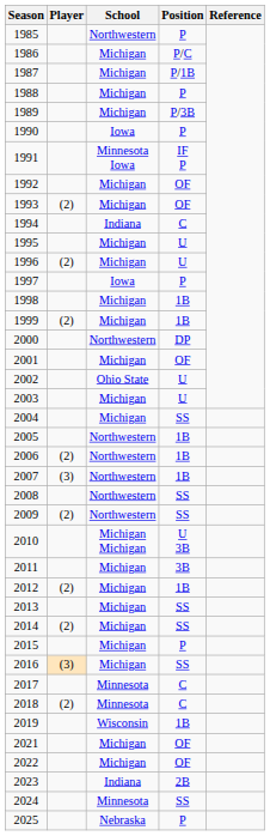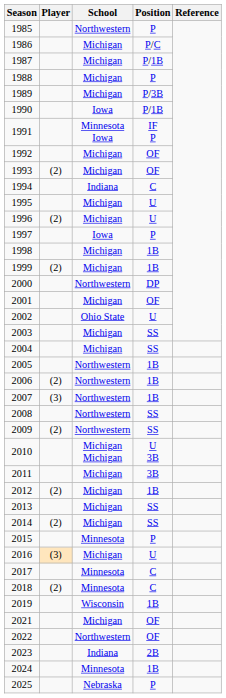 <table class="wikitable sortable">
 <tr>
 <th>Season</th>
 <th>Player</th>
 <th>School</th>
 <th>Position</th>
 <th class="unsortable">Reference</th>
 </tr>
 <tr align=center>
 <td>1985</td>
 <td></td>
 <td><a href='#'>Northwestern</a></td>
 <td><a href='#'>P</a></td>
 <td rowspan="19"></td>
 </tr>
 <tr align=center>
 <td>1986</td>
 <td></td>
 <td><a href='#'>Michigan</a></td>
 <td><a href='#'>P</a>/<a href='#'>C</a></td>
 </tr>
 <tr align=center>
 <td>1987</td>
 <td></td>
 <td><a href='#'>Michigan</a></td>
 <td><a href='#'>P</a>/<a href='#'>1B</a></td>
 </tr>
 <tr align=center>
 <td>1988</td>
 <td></td>
 <td><a href='#'>Michigan</a></td>
 <td><a href='#'>P</a></td>
 </tr>
 <tr align=center>
 <td>1989</td>
 <td></td>
 <td><a href='#'>Michigan</a></td>
 <td><a href='#'>P</a>/<a href='#'>3B</a></td>
 </tr>
 <tr align=center>
 <td>1990</td>
 <td></td>
 <td><a href='#'>Iowa</a></td>
-<td><a href='#'>P</a></td>
+<td><a href='#'>P</a>/<a href='#'>1B</a></td>
 </tr>
 <tr align=center>
 <td>1991</td>
 <td><br></td>
 <td><a href='#'>Minnesota</a><br><a href='#'>Iowa</a></td>
 <td><a href='#'>IF</a> <br><a href='#'>P</a></td>
 </tr>
 <tr align=center>
 <td>1992</td>
 <td></td>
 <td><a href='#'>Michigan</a></td>
 <td><a href='#'>OF</a></td>
 </tr>
 <tr align=center>
 <td>1993</td>
 <td> (2)</td>
 <td><a href='#'>Michigan</a></td>
 <td><a href='#'>OF</a></td>
 </tr>
 <tr align=center>
 <td>1994</td>
 <td></td>
 <td><a href='#'>Indiana</a></td>
 <td><a href='#'>C</a></td>
 </tr>
 <tr align=center>
 <td>1995</td>
 <td></td>
 <td><a href='#'>Michigan</a></td>
 <td><a href='#'>U</a></td>
 </tr>
 <tr align=center>
 <td>1996</td>
 <td> (2)</td>
 <td><a href='#'>Michigan</a></td>
 <td><a href='#'>U</a></td>
 </tr>
 <tr align=center>
 <td>1997</td>
 <td></td>
 <td><a href='#'>Iowa</a></td>
 <td><a href='#'>P</a></td>
 </tr>
 <tr align=center>
 <td>1998</td>
 <td></td>
 <td><a href='#'>Michigan</a></td>
 <td><a href='#'>1B</a></td>
 </tr>
 <tr align=center>
 <td>1999</td>
 <td> (2)</td>
 <td><a href='#'>Michigan</a></td>
 <td><a href='#'>1B</a></td>
 </tr>
 <tr align=center>
 <td>2000</td>
 <td></td>
 <td><a href='#'>Northwestern</a></td>
 <td><a href='#'>DP</a></td>
 </tr>
 <tr align=center>
 <td>2001</td>
 <td></td>
 <td><a href='#'>Michigan</a></td>
 <td><a href='#'>OF</a></td>
 </tr>
 <tr align=center>
 <td>2002</td>
 <td></td>
 <td><a href='#'>Ohio State</a></td>
 <td><a href='#'>U</a></td>
 </tr>
 <tr align=center>
 <td>2003</td>
 <td></td>
 <td><a href='#'>Michigan</a></td>
-<td><a href='#'>U</a></td>
+<td><a href='#'>SS</a></td>
 </tr>
 <tr align=center>
 <td>2004</td>
 <td></td>
 <td><a href='#'>Michigan</a></td>
 <td><a href='#'>SS</a></td>
 <td style="text-align:center;"></td>
 </tr>
 <tr align=center>
 <td>2005</td>
 <td></td>
 <td><a href='#'>Northwestern</a></td>
 <td><a href='#'>1B</a></td>
 <td style="text-align:center;"></td>
 </tr>
 <tr align=center>
 <td>2006</td>
 <td> (2)</td>
 <td><a href='#'>Northwestern</a></td>
 <td><a href='#'>1B</a></td>
 <td style="text-align:center;"></td>
 </tr>
 <tr align=center>
 <td>2007</td>
 <td> (3)</td>
 <td><a href='#'>Northwestern</a></td>
 <td><a href='#'>1B</a></td>
 <td style="text-align:center;"></td>
 </tr>
 <tr align=center>
 <td>2008</td>
 <td></td>
 <td><a href='#'>Northwestern</a></td>
 <td><a href='#'>SS</a></td>
 <td style="text-align:center;"></td>
 </tr>
 <tr align=center>
 <td>2009</td>
 <td> (2)</td>
 <td><a href='#'>Northwestern</a></td>
 <td><a href='#'>SS</a></td>
 <td style="text-align:center;"></td>
 </tr>
 <tr align=center>
 <td>2010</td>
 <td> <br> </td>
 <td><a href='#'>Michigan</a><br><a href='#'>Michigan</a></td>
 <td><a href='#'>U</a><br><a href='#'>3B</a></td>
 <td style="text-align:center;"></td>
 </tr>
 <tr align=center>
 <td>2011</td>
 <td></td>
 <td><a href='#'>Michigan</a></td>
 <td><a href='#'>3B</a></td>
 <td style="text-align:center;"></td>
 </tr>
 <tr align=center>
 <td>2012</td>
 <td> (2)</td>
 <td><a href='#'>Michigan</a></td>
 <td><a href='#'>1B</a></td>
 <td style="text-align:center;"></td>
 </tr>
 <tr align=center>
 <td>2013</td>
 <td></td>
 <td><a href='#'>Michigan</a></td>
 <td><a href='#'>SS</a></td>
 <td style="text-align:center;"></td>
 </tr>
 <tr align=center>
 <td>2014</td>
 <td> (2)</td>
 <td><a href='#'>Michigan</a></td>
 <td><a href='#'>SS</a></td>
 <td style="text-align:center;"></td>
 </tr>
 <tr align=center>
 <td>2015</td>
 <td></td>
-<td><a href='#'>Michigan</a></td>
+<td><a href='#'>Minnesota</a></td>
 <td><a href='#'>P</a></td>
 <td style="text-align:center;"></td>
 </tr>
 <tr align=center>
 <td>2016</td>
 <td style="background:#ffe6bd;"> (3)</td>
 <td><a href='#'>Michigan</a></td>
-<td><a href='#'>SS</a></td>
+<td><a href='#'>U</a></td>
 <td style="text-align:center;"></td>
 </tr>
 <tr align=center>
 <td>2017</td>
 <td></td>
 <td><a href='#'>Minnesota</a></td>
 <td><a href='#'>C</a></td>
 <td style="text-align:center;"></td>
 </tr>
 <tr align=center>
 <td>2018</td>
 <td> (2)</td>
 <td><a href='#'>Minnesota</a></td>
 <td><a href='#'>C</a></td>
 <td style="text-align:center;"></td>
 </tr>
 <tr align=center>
 <td>2019</td>
 <td></td>
 <td><a href='#'>Wisconsin</a></td>
 <td><a href='#'>1B</a></td>
 <td style="text-align:center;"></td>
 </tr>
 <tr align=center>
 <td>2021</td>
 <td></td>
 <td><a href='#'>Michigan</a></td>
 <td><a href='#'>OF</a></td>
 <td style="text-align:center;"></td>
 </tr>
 <tr align=center>
 <td>2022</td>
 <td></td>
-<td><a href='#'>Michigan</a></td>
+<td><a href='#'>Northwestern</a></td>
 <td><a href='#'>OF</a></td>
 <td style="text-align:center;"></td>
 </tr>
 <tr align=center>
 <td>2023</td>
 <td></td>
 <td><a href='#'>Indiana</a></td>
 <td><a href='#'>2B</a></td>
 <td style="text-align:center;"></td>
 </tr>
 <tr align=center>
 <td>2024</td>
 <td></td>
 <td><a href='#'>Minnesota</a></td>
-<td><a href='#'>SS</a></td>
+<td><a href='#'>1B</a></td>
 <td style="text-align:center;"></td>
 </tr>
 <tr align=center>
 <td>2025</td>
 <td></td>
 <td><a href='#'>Nebraska</a></td>
 <td><a href='#'>P</a></td>
 <td style="text-align:center;"></td>
 </tr>
 </table>
